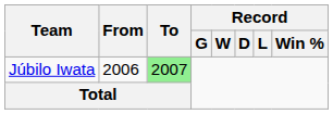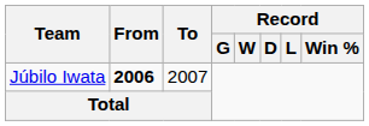 <table class="wikitable" style="text-align: center">
 <tr>
 <th rowspan="2">Team</th>
 <th rowspan="2">From</th>
 <th rowspan="2">To</th>
 <th colspan="5">Record</th>
 </tr>
 <tr>
 <th>G</th>
 <th>W</th>
 <th>D</th>
 <th>L</th>
 <th>Win %</th>
 </tr>
 <tr>
 <td align="left"><a href='#'>Júbilo Iwata</a></td>
-<td align="left">2006</td>
-<td align="left" style="background: lightgreen;">2007<br></td>
+<td align="left"><strong>2006</strong></td>
+<td align="left">2007<br></td>
 </tr>
 <tr>
 <th colspan="3">Total<br></th>
 </tr>
 </table>
